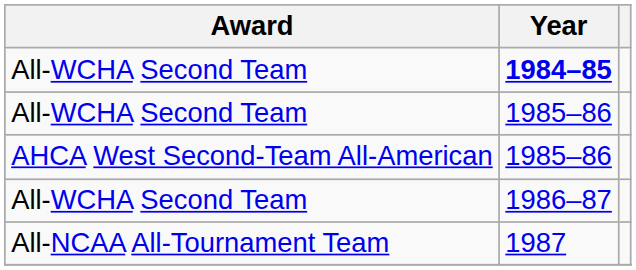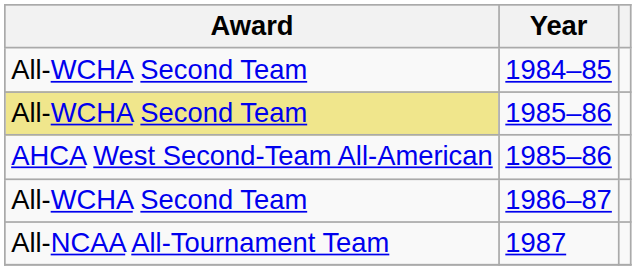 <table class="wikitable">
 <tr>
 <th>Award</th>
 <th>Year</th>
 <th></th>
 </tr>
 <tr>
 <td>All-<a href='#'>WCHA</a> <a href='#'>Second Team</a></td>
-<td><strong><a href='#'>1984–85</a></strong></td>
+<td><a href='#'>1984–85</a></td>
 <td></td>
 </tr>
 <tr>
-<td>All-<a href='#'>WCHA</a> <a href='#'>Second Team</a></td>
+<td style="background: khaki;">All-<a href='#'>WCHA</a> <a href='#'>Second Team</a></td>
 <td><a href='#'>1985–86</a></td>
 <td></td>
 </tr>
 <tr>
 <td><a href='#'>AHCA</a> <a href='#'>West Second-Team All-American</a></td>
 <td><a href='#'>1985–86</a></td>
 <td></td>
 </tr>
 <tr>
 <td>All-<a href='#'>WCHA</a> <a href='#'>Second Team</a></td>
 <td><a href='#'>1986–87</a></td>
 <td></td>
 </tr>
 <tr>
 <td>All-<a href='#'>NCAA</a> <a href='#'>All-Tournament Team</a></td>
 <td><a href='#'>1987</a></td>
 <td></td>
 </tr>
 <tr>
 </tr>
 </table>
